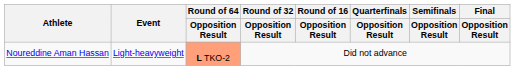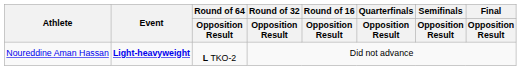 <table class="wikitable" style="font-size:90%">
 <tr>
 <th rowspan="2">Athlete</th>
 <th rowspan="2">Event</th>
 <th>Round of 64</th>
 <th>Round of 32</th>
 <th>Round of 16</th>
 <th>Quarterfinals</th>
 <th>Semifinals</th>
 <th>Final</th>
 </tr>
 <tr>
 <th>Opposition<br>Result</th>
 <th>Opposition<br>Result</th>
 <th>Opposition<br>Result</th>
 <th>Opposition<br>Result</th>
 <th>Opposition<br>Result</th>
 <th>Opposition<br>Result</th>
 </tr>
 <tr>
 <td><a href='#'>Noureddine Aman Hassan</a></td>
-<td><a href='#'>Light-heavyweight</a></td>
-<td align=center style="background: lightsalmon;"><br><strong>L</strong> TKO-2</td>
+<td><strong><a href='#'>Light-heavyweight</a></strong></td>
+<td align=center><br><strong>L</strong> TKO-2</td>
 <td align=center colspan="8">Did not advance</td>
 </tr>
 </table>
